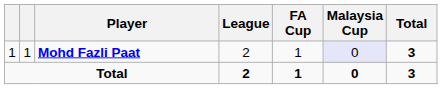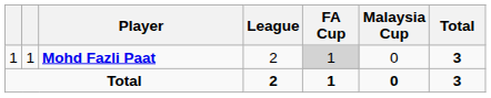 <table class="wikitable sortable" style="font-size: 95%; text-align: center">
 <tr>
 <th width=10></th>
 <th width=10></th>
 <th width=200>Player</th>
 <th width=50>League</th>
 <th width=50>FA Cup</th>
 <th width=50>Malaysia Cup</th>
 <th width=50>Total</th>
 </tr>
 <tr>
 <td>1</td>
 <td>1</td>
 <td align=left><strong> <a href='#'>Mohd Fazli Paat</a></strong></td>
 <td>2</td>
-<td>1</td>
-<td style="background: lavender;">0</td>
+<td style="background: lightgrey;">1</td>
+<td>0</td>
 <td><strong>3</strong></td>
 </tr>
 <tr>
 <td colspan="3"><strong>Total</strong></td>
 <td><strong>2</strong></td>
 <td><strong>1</strong></td>
 <td><strong>0</strong></td>
 <td><strong>3</strong></td>
 </tr>
 </table>
